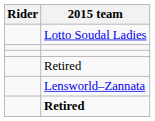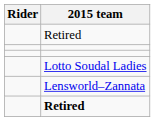 <table class="wikitable">
 <tr>
 <th>Rider</th>
 <th>2015 team</th>
 </tr>
 <tr>
 <td></td>
-<td><a href='#'>Lotto Soudal Ladies</a></td>
+<td>Retired</td>
 </tr>
 <tr>
 <td></td>
 <td></td>
 </tr>
 <tr>
 <td></td>
 <td></td>
 </tr>
 <tr>
 <td></td>
-<td>Retired</td>
+<td><a href='#'>Lotto Soudal Ladies</a></td>
 </tr>
 <tr>
 <td></td>
 <td><a href='#'>Lensworld–Zannata</a></td>
 </tr>
 <tr>
 <td></td>
 <td><strong>Retired</strong></td>
 </tr>
 </table>
